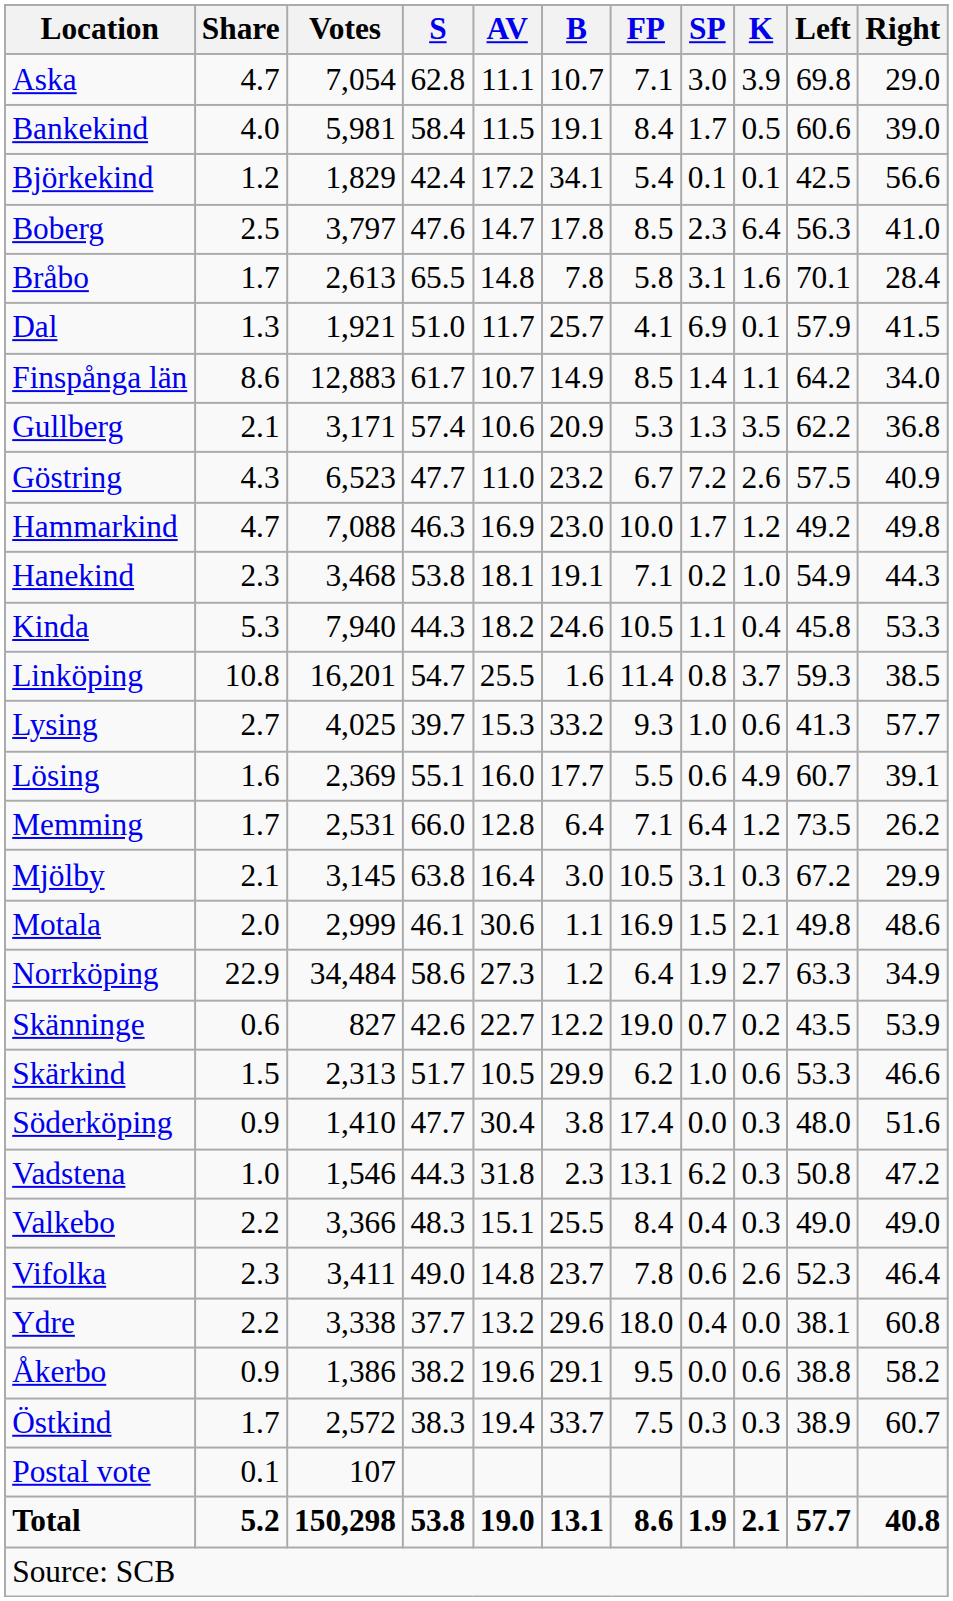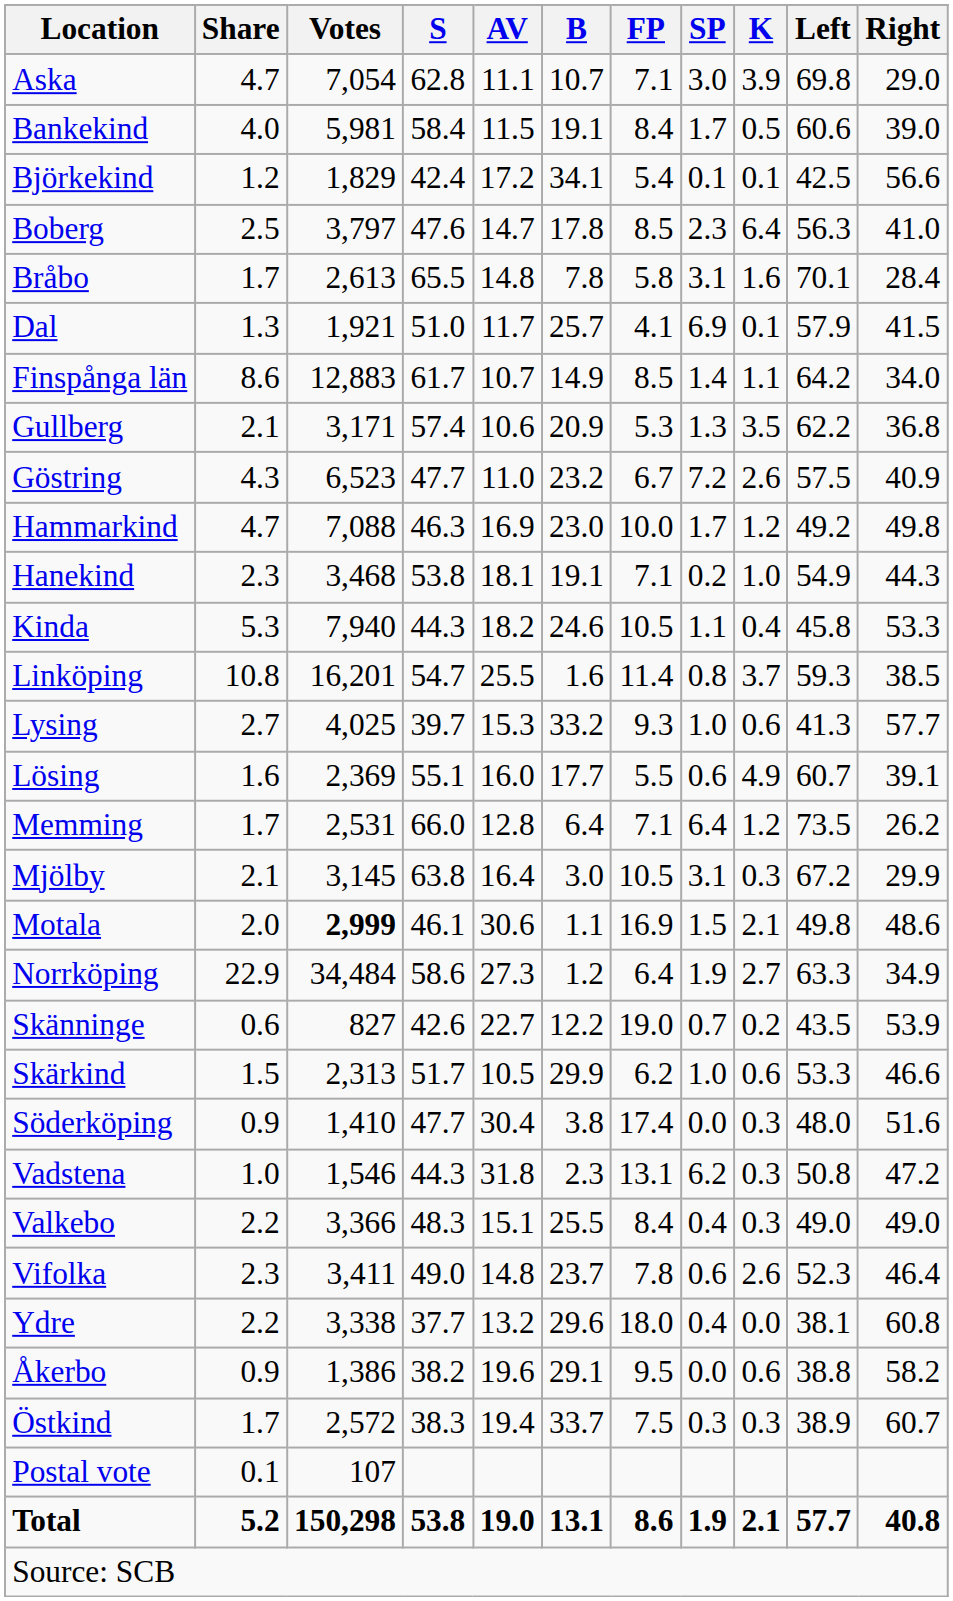 <table class="wikitable sortable" style=text-align:right>
 <tr>
 <th>Location</th>
 <th>Share</th>
 <th>Votes</th>
 <th><a href='#'>S</a></th>
 <th><a href='#'>AV</a></th>
 <th><a href='#'>B</a></th>
 <th><a href='#'>FP</a></th>
 <th><a href='#'>SP</a></th>
 <th><a href='#'>K</a></th>
 <th>Left</th>
 <th>Right</th>
 </tr>
 <tr>
 <td align=left><a href='#'>Aska</a></td>
 <td>4.7</td>
 <td>7,054</td>
 <td>62.8</td>
 <td>11.1</td>
 <td>10.7</td>
 <td>7.1</td>
 <td>3.0</td>
 <td>3.9</td>
 <td>69.8</td>
 <td>29.0</td>
 </tr>
 <tr>
 <td align=left><a href='#'>Bankekind</a></td>
 <td>4.0</td>
 <td>5,981</td>
 <td>58.4</td>
 <td>11.5</td>
 <td>19.1</td>
 <td>8.4</td>
 <td>1.7</td>
 <td>0.5</td>
 <td>60.6</td>
 <td>39.0</td>
 </tr>
 <tr>
 <td align=left><a href='#'>Björkekind</a></td>
 <td>1.2</td>
 <td>1,829</td>
 <td>42.4</td>
 <td>17.2</td>
 <td>34.1</td>
 <td>5.4</td>
 <td>0.1</td>
 <td>0.1</td>
 <td>42.5</td>
 <td>56.6</td>
 </tr>
 <tr>
 <td align=left><a href='#'>Boberg</a></td>
 <td>2.5</td>
 <td>3,797</td>
 <td>47.6</td>
 <td>14.7</td>
 <td>17.8</td>
 <td>8.5</td>
 <td>2.3</td>
 <td>6.4</td>
 <td>56.3</td>
 <td>41.0</td>
 </tr>
 <tr>
 <td align=left><a href='#'>Bråbo</a></td>
 <td>1.7</td>
 <td>2,613</td>
 <td>65.5</td>
 <td>14.8</td>
 <td>7.8</td>
 <td>5.8</td>
 <td>3.1</td>
 <td>1.6</td>
 <td>70.1</td>
 <td>28.4</td>
 </tr>
 <tr>
 <td align=left><a href='#'>Dal</a></td>
 <td>1.3</td>
 <td>1,921</td>
 <td>51.0</td>
 <td>11.7</td>
 <td>25.7</td>
 <td>4.1</td>
 <td>6.9</td>
 <td>0.1</td>
 <td>57.9</td>
 <td>41.5</td>
 </tr>
 <tr>
 <td align=left><a href='#'>Finspånga län</a></td>
 <td>8.6</td>
 <td>12,883</td>
 <td>61.7</td>
 <td>10.7</td>
 <td>14.9</td>
 <td>8.5</td>
 <td>1.4</td>
 <td>1.1</td>
 <td>64.2</td>
 <td>34.0</td>
 </tr>
 <tr>
 <td align=left><a href='#'>Gullberg</a></td>
 <td>2.1</td>
 <td>3,171</td>
 <td>57.4</td>
 <td>10.6</td>
 <td>20.9</td>
 <td>5.3</td>
 <td>1.3</td>
 <td>3.5</td>
 <td>62.2</td>
 <td>36.8</td>
 </tr>
 <tr>
 <td align=left><a href='#'>Göstring</a></td>
 <td>4.3</td>
 <td>6,523</td>
 <td>47.7</td>
 <td>11.0</td>
 <td>23.2</td>
 <td>6.7</td>
 <td>7.2</td>
 <td>2.6</td>
 <td>57.5</td>
 <td>40.9</td>
 </tr>
 <tr>
 <td align=left><a href='#'>Hammarkind</a></td>
 <td>4.7</td>
 <td>7,088</td>
 <td>46.3</td>
 <td>16.9</td>
 <td>23.0</td>
 <td>10.0</td>
 <td>1.7</td>
 <td>1.2</td>
 <td>49.2</td>
 <td>49.8</td>
 </tr>
 <tr>
 <td align=left><a href='#'>Hanekind</a></td>
 <td>2.3</td>
 <td>3,468</td>
 <td>53.8</td>
 <td>18.1</td>
 <td>19.1</td>
 <td>7.1</td>
 <td>0.2</td>
 <td>1.0</td>
 <td>54.9</td>
 <td>44.3</td>
 </tr>
 <tr>
 <td align=left><a href='#'>Kinda</a></td>
 <td>5.3</td>
 <td>7,940</td>
 <td>44.3</td>
 <td>18.2</td>
 <td>24.6</td>
 <td>10.5</td>
 <td>1.1</td>
 <td>0.4</td>
 <td>45.8</td>
 <td>53.3</td>
 </tr>
 <tr>
 <td align=left><a href='#'>Linköping</a></td>
 <td>10.8</td>
 <td>16,201</td>
 <td>54.7</td>
 <td>25.5</td>
 <td>1.6</td>
 <td>11.4</td>
 <td>0.8</td>
 <td>3.7</td>
 <td>59.3</td>
 <td>38.5</td>
 </tr>
 <tr>
 <td align=left><a href='#'>Lysing</a></td>
 <td>2.7</td>
 <td>4,025</td>
 <td>39.7</td>
 <td>15.3</td>
 <td>33.2</td>
 <td>9.3</td>
 <td>1.0</td>
 <td>0.6</td>
 <td>41.3</td>
 <td>57.7</td>
 </tr>
 <tr>
 <td align=left><a href='#'>Lösing</a></td>
 <td>1.6</td>
 <td>2,369</td>
 <td>55.1</td>
 <td>16.0</td>
 <td>17.7</td>
 <td>5.5</td>
 <td>0.6</td>
 <td>4.9</td>
 <td>60.7</td>
 <td>39.1</td>
 </tr>
 <tr>
 <td align=left><a href='#'>Memming</a></td>
 <td>1.7</td>
 <td>2,531</td>
 <td>66.0</td>
 <td>12.8</td>
 <td>6.4</td>
 <td>7.1</td>
 <td>6.4</td>
 <td>1.2</td>
 <td>73.5</td>
 <td>26.2</td>
 </tr>
 <tr>
 <td align=left><a href='#'>Mjölby</a></td>
 <td>2.1</td>
 <td>3,145</td>
 <td>63.8</td>
 <td>16.4</td>
 <td>3.0</td>
 <td>10.5</td>
 <td>3.1</td>
 <td>0.3</td>
 <td>67.2</td>
 <td>29.9</td>
 </tr>
 <tr>
 <td align=left><a href='#'>Motala</a></td>
 <td>2.0</td>
-<td>2,999</td>
+<td><strong>2,999</strong></td>
 <td>46.1</td>
 <td>30.6</td>
 <td>1.1</td>
 <td>16.9</td>
 <td>1.5</td>
 <td>2.1</td>
 <td>49.8</td>
 <td>48.6</td>
 </tr>
 <tr>
 <td align=left><a href='#'>Norrköping</a></td>
 <td>22.9</td>
 <td>34,484</td>
 <td>58.6</td>
 <td>27.3</td>
 <td>1.2</td>
 <td>6.4</td>
 <td>1.9</td>
 <td>2.7</td>
 <td>63.3</td>
 <td>34.9</td>
 </tr>
 <tr>
 <td align=left><a href='#'>Skänninge</a></td>
 <td>0.6</td>
 <td>827</td>
 <td>42.6</td>
 <td>22.7</td>
 <td>12.2</td>
 <td>19.0</td>
 <td>0.7</td>
 <td>0.2</td>
 <td>43.5</td>
 <td>53.9</td>
 </tr>
 <tr>
 <td align=left><a href='#'>Skärkind</a></td>
 <td>1.5</td>
 <td>2,313</td>
 <td>51.7</td>
 <td>10.5</td>
 <td>29.9</td>
 <td>6.2</td>
 <td>1.0</td>
 <td>0.6</td>
 <td>53.3</td>
 <td>46.6</td>
 </tr>
 <tr>
 <td align=left><a href='#'>Söderköping</a></td>
 <td>0.9</td>
 <td>1,410</td>
 <td>47.7</td>
 <td>30.4</td>
 <td>3.8</td>
 <td>17.4</td>
 <td>0.0</td>
 <td>0.3</td>
 <td>48.0</td>
 <td>51.6</td>
 </tr>
 <tr>
 <td align=left><a href='#'>Vadstena</a></td>
 <td>1.0</td>
 <td>1,546</td>
 <td>44.3</td>
 <td>31.8</td>
 <td>2.3</td>
 <td>13.1</td>
 <td>6.2</td>
 <td>0.3</td>
 <td>50.8</td>
 <td>47.2</td>
 </tr>
 <tr>
 <td align=left><a href='#'>Valkebo</a></td>
 <td>2.2</td>
 <td>3,366</td>
 <td>48.3</td>
 <td>15.1</td>
 <td>25.5</td>
 <td>8.4</td>
 <td>0.4</td>
 <td>0.3</td>
 <td>49.0</td>
 <td>49.0</td>
 </tr>
 <tr>
 <td align=left><a href='#'>Vifolka</a></td>
 <td>2.3</td>
 <td>3,411</td>
 <td>49.0</td>
 <td>14.8</td>
 <td>23.7</td>
 <td>7.8</td>
 <td>0.6</td>
 <td>2.6</td>
 <td>52.3</td>
 <td>46.4</td>
 </tr>
 <tr>
 <td align=left><a href='#'>Ydre</a></td>
 <td>2.2</td>
 <td>3,338</td>
 <td>37.7</td>
 <td>13.2</td>
 <td>29.6</td>
 <td>18.0</td>
 <td>0.4</td>
 <td>0.0</td>
 <td>38.1</td>
 <td>60.8</td>
 </tr>
 <tr>
 <td align=left><a href='#'>Åkerbo</a></td>
 <td>0.9</td>
 <td>1,386</td>
 <td>38.2</td>
 <td>19.6</td>
 <td>29.1</td>
 <td>9.5</td>
 <td>0.0</td>
 <td>0.6</td>
 <td>38.8</td>
 <td>58.2</td>
 </tr>
 <tr>
 <td align=left><a href='#'>Östkind</a></td>
 <td>1.7</td>
 <td>2,572</td>
 <td>38.3</td>
 <td>19.4</td>
 <td>33.7</td>
 <td>7.5</td>
 <td>0.3</td>
 <td>0.3</td>
 <td>38.9</td>
 <td>60.7</td>
 </tr>
 <tr>
 <td align=left><a href='#'>Postal vote</a></td>
 <td>0.1</td>
 <td>107</td>
 <td></td>
 <td></td>
 <td></td>
 <td></td>
 <td></td>
 <td></td>
 <td></td>
 <td></td>
 </tr>
 <tr>
 <td align=left><strong>Total</strong></td>
 <td><strong>5.2</strong></td>
 <td><strong>150,298</strong></td>
 <td><strong>53.8</strong></td>
 <td><strong>19.0</strong></td>
 <td><strong>13.1</strong></td>
 <td><strong>8.6</strong></td>
 <td><strong>1.9</strong></td>
 <td><strong>2.1</strong></td>
 <td><strong>57.7</strong></td>
 <td><strong>40.8</strong></td>
 </tr>
 <tr>
 <td align=left colspan=11>Source: SCB </td>
 </tr>
 </table>
